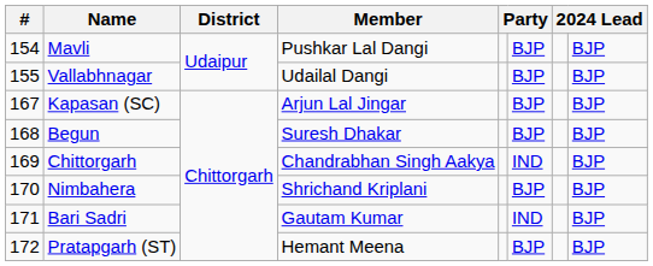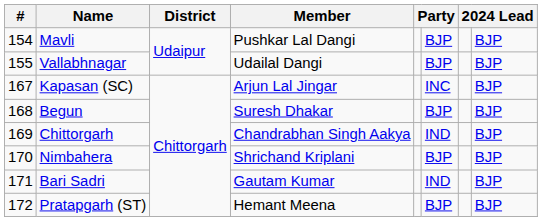 <table class="wikitable">
 <tr>
 <th>#</th>
 <th>Name</th>
 <th>District</th>
 <th>Member</th>
 <th colspan="2">Party</th>
 <th colspan="2">2024 Lead</th>
 </tr>
 <tr>
 <td>154</td>
 <td><a href='#'>Mavli</a></td>
 <td rowspan="2"><a href='#'>Udaipur</a></td>
 <td>Pushkar Lal Dangi</td>
 <td style="background-color: "></td>
 <td><a href='#'>BJP</a></td>
 <td style="background-color: "></td>
 <td><a href='#'>BJP</a></td>
 </tr>
 <tr>
 <td>155</td>
 <td><a href='#'>Vallabhnagar</a></td>
 <td>Udailal Dangi</td>
 <td style="background-color: "></td>
 <td><a href='#'>BJP</a></td>
 <td style="background-color: "></td>
 <td><a href='#'>BJP</a></td>
 </tr>
 <tr>
 <td>167</td>
 <td><a href='#'>Kapasan</a> (SC)</td>
 <td rowspan="6"><a href='#'>Chittorgarh</a></td>
 <td><a href='#'>Arjun Lal Jingar</a></td>
 <td style="background-color: "></td>
-<td><a href='#'>BJP</a></td>
+<td><a href='#'>INC</a></td>
 <td style="background-color: "></td>
 <td><a href='#'>BJP</a></td>
 </tr>
 <tr>
 <td>168</td>
 <td><a href='#'>Begun</a></td>
 <td><a href='#'>Suresh Dhakar</a></td>
 <td style="background-color: "></td>
 <td><a href='#'>BJP</a></td>
 <td style="background-color: "></td>
 <td><a href='#'>BJP</a></td>
 </tr>
 <tr>
 <td>169</td>
 <td><a href='#'>Chittorgarh</a></td>
 <td><a href='#'>Chandrabhan Singh Aakya</a></td>
 <td style="background-color: "></td>
 <td><a href='#'>IND</a></td>
 <td style="background-color: "></td>
 <td><a href='#'>BJP</a></td>
 </tr>
 <tr>
 <td>170</td>
 <td><a href='#'>Nimbahera</a></td>
 <td><a href='#'>Shrichand Kriplani</a></td>
 <td style="background-color: "></td>
 <td><a href='#'>BJP</a></td>
 <td style="background-color: "></td>
 <td><a href='#'>BJP</a></td>
 </tr>
 <tr>
 <td>171</td>
 <td><a href='#'>Bari Sadri</a></td>
 <td><a href='#'>Gautam Kumar</a></td>
 <td style="background-color: "></td>
 <td><a href='#'>IND</a></td>
 <td style="background-color: "></td>
 <td><a href='#'>BJP</a></td>
 </tr>
 <tr>
 <td>172</td>
 <td><a href='#'>Pratapgarh</a> (ST)</td>
 <td>Hemant Meena</td>
 <td style="background-color: "></td>
 <td><a href='#'>BJP</a></td>
 <td style="background-color: "></td>
 <td><a href='#'>BJP</a></td>
 </tr>
 </table>
